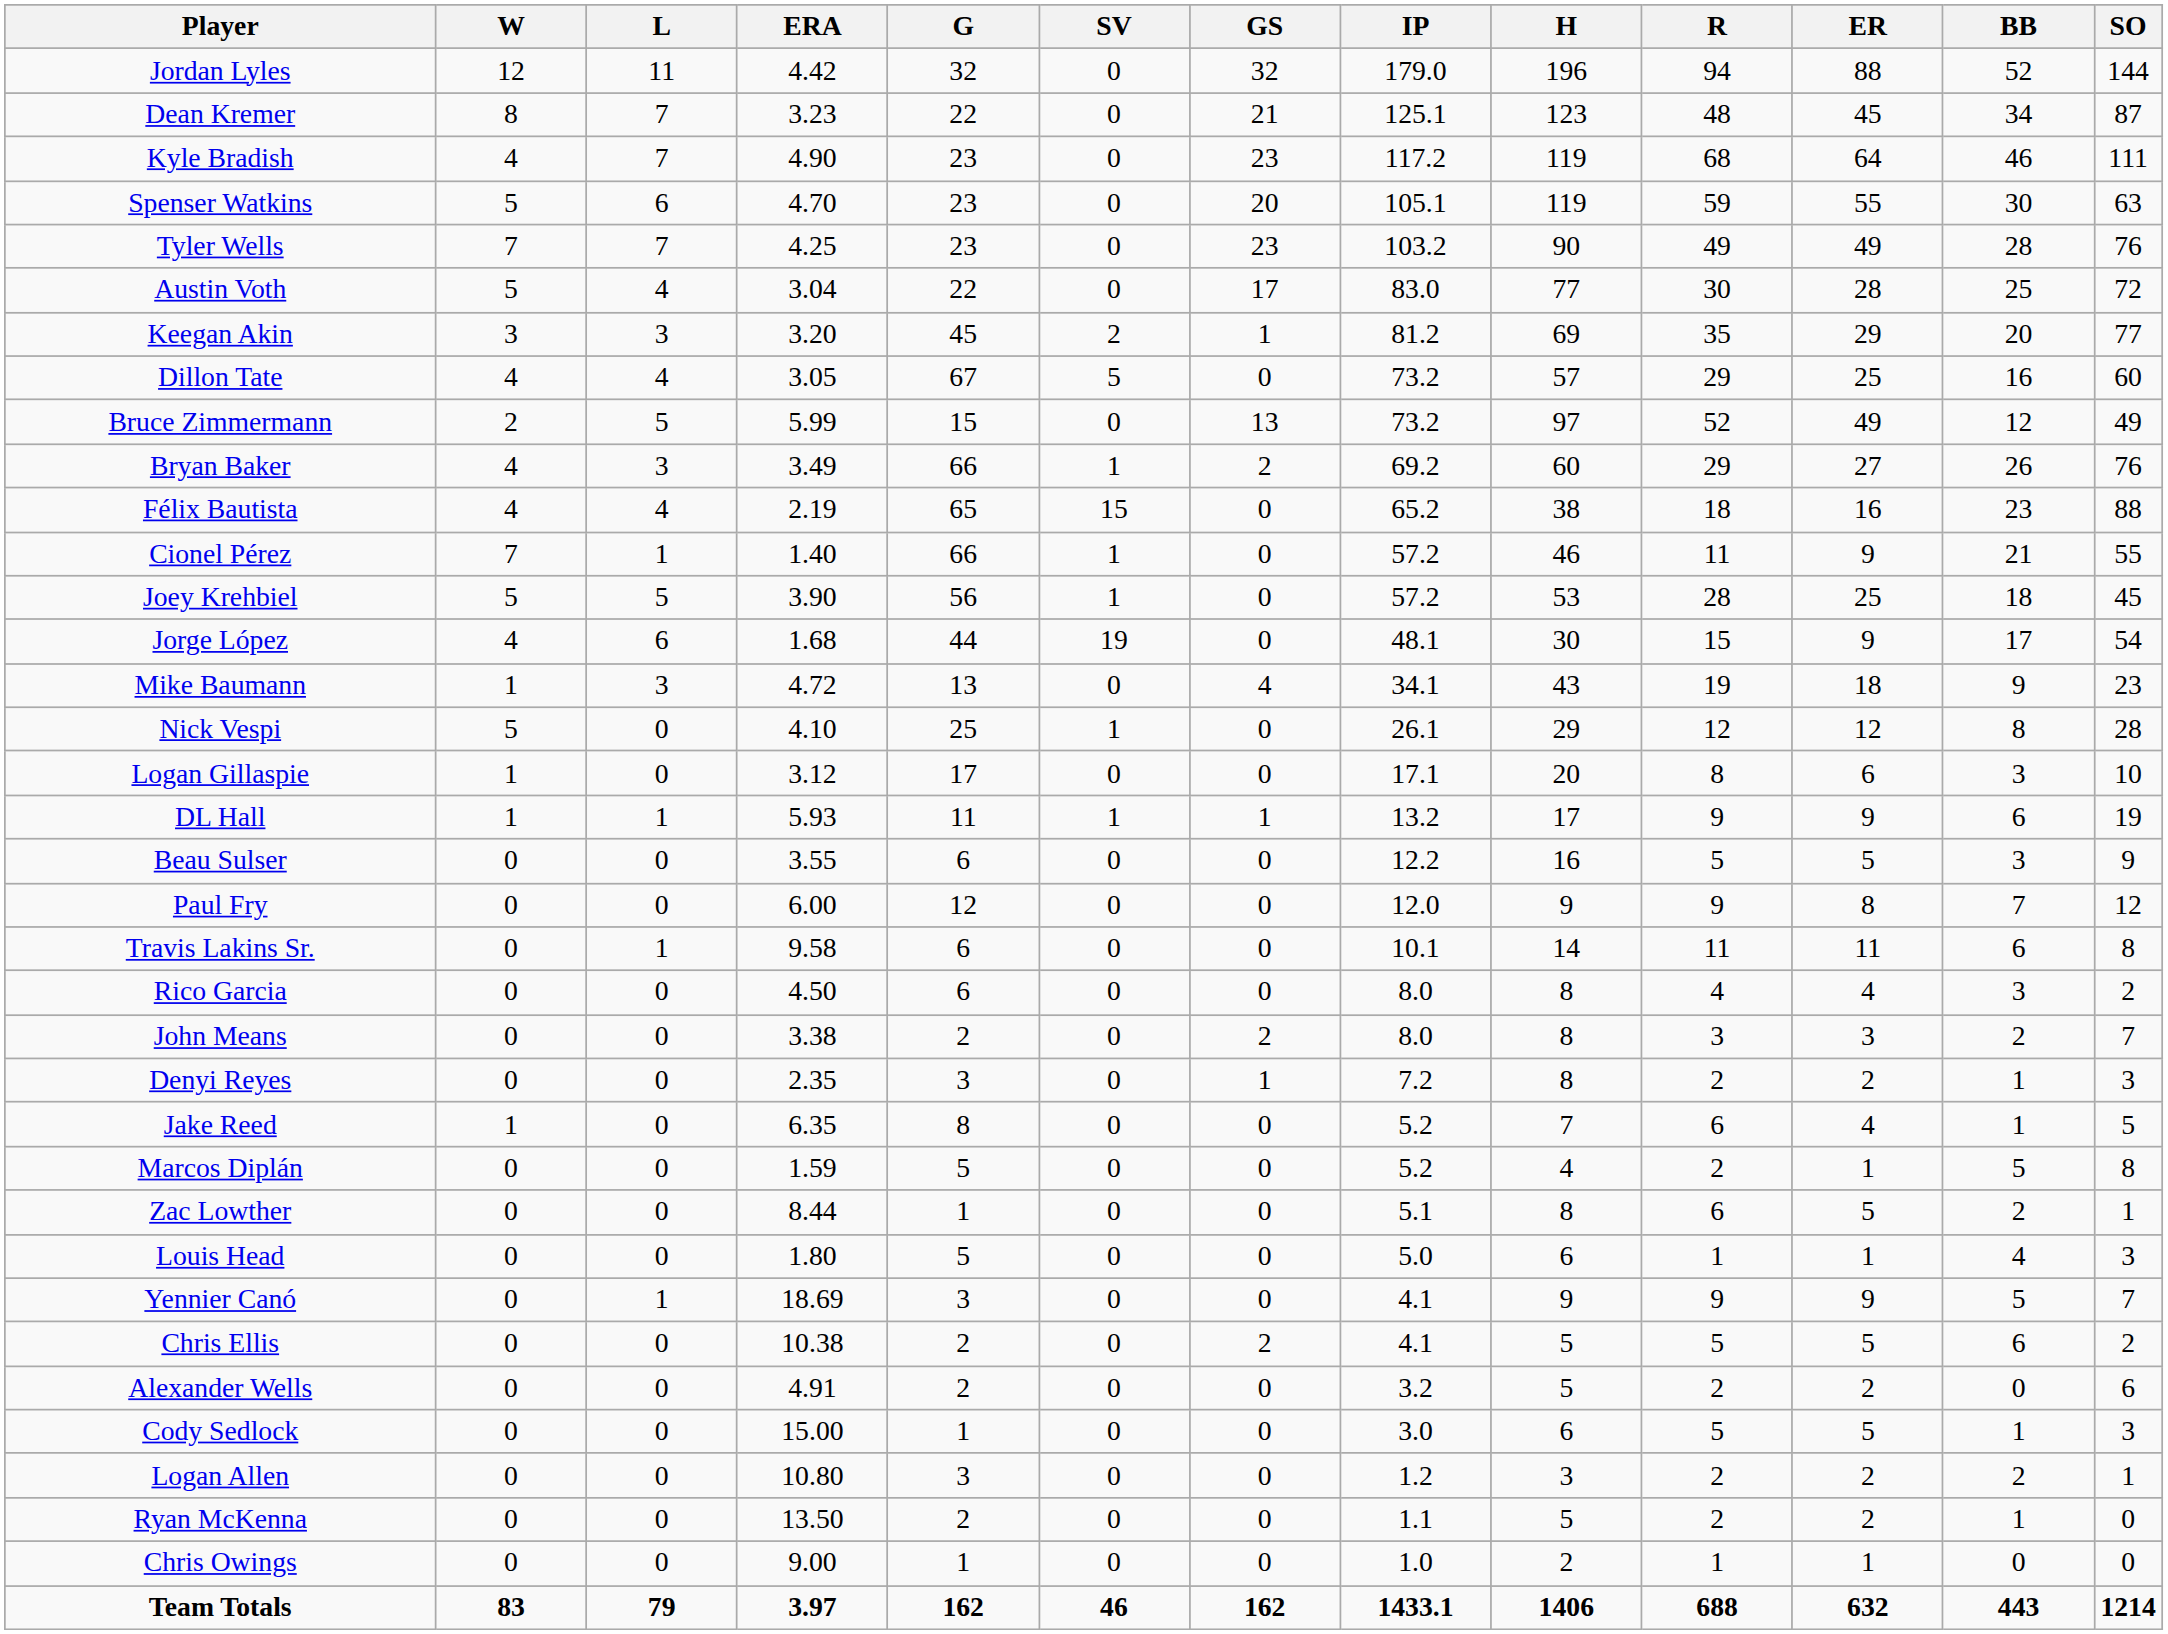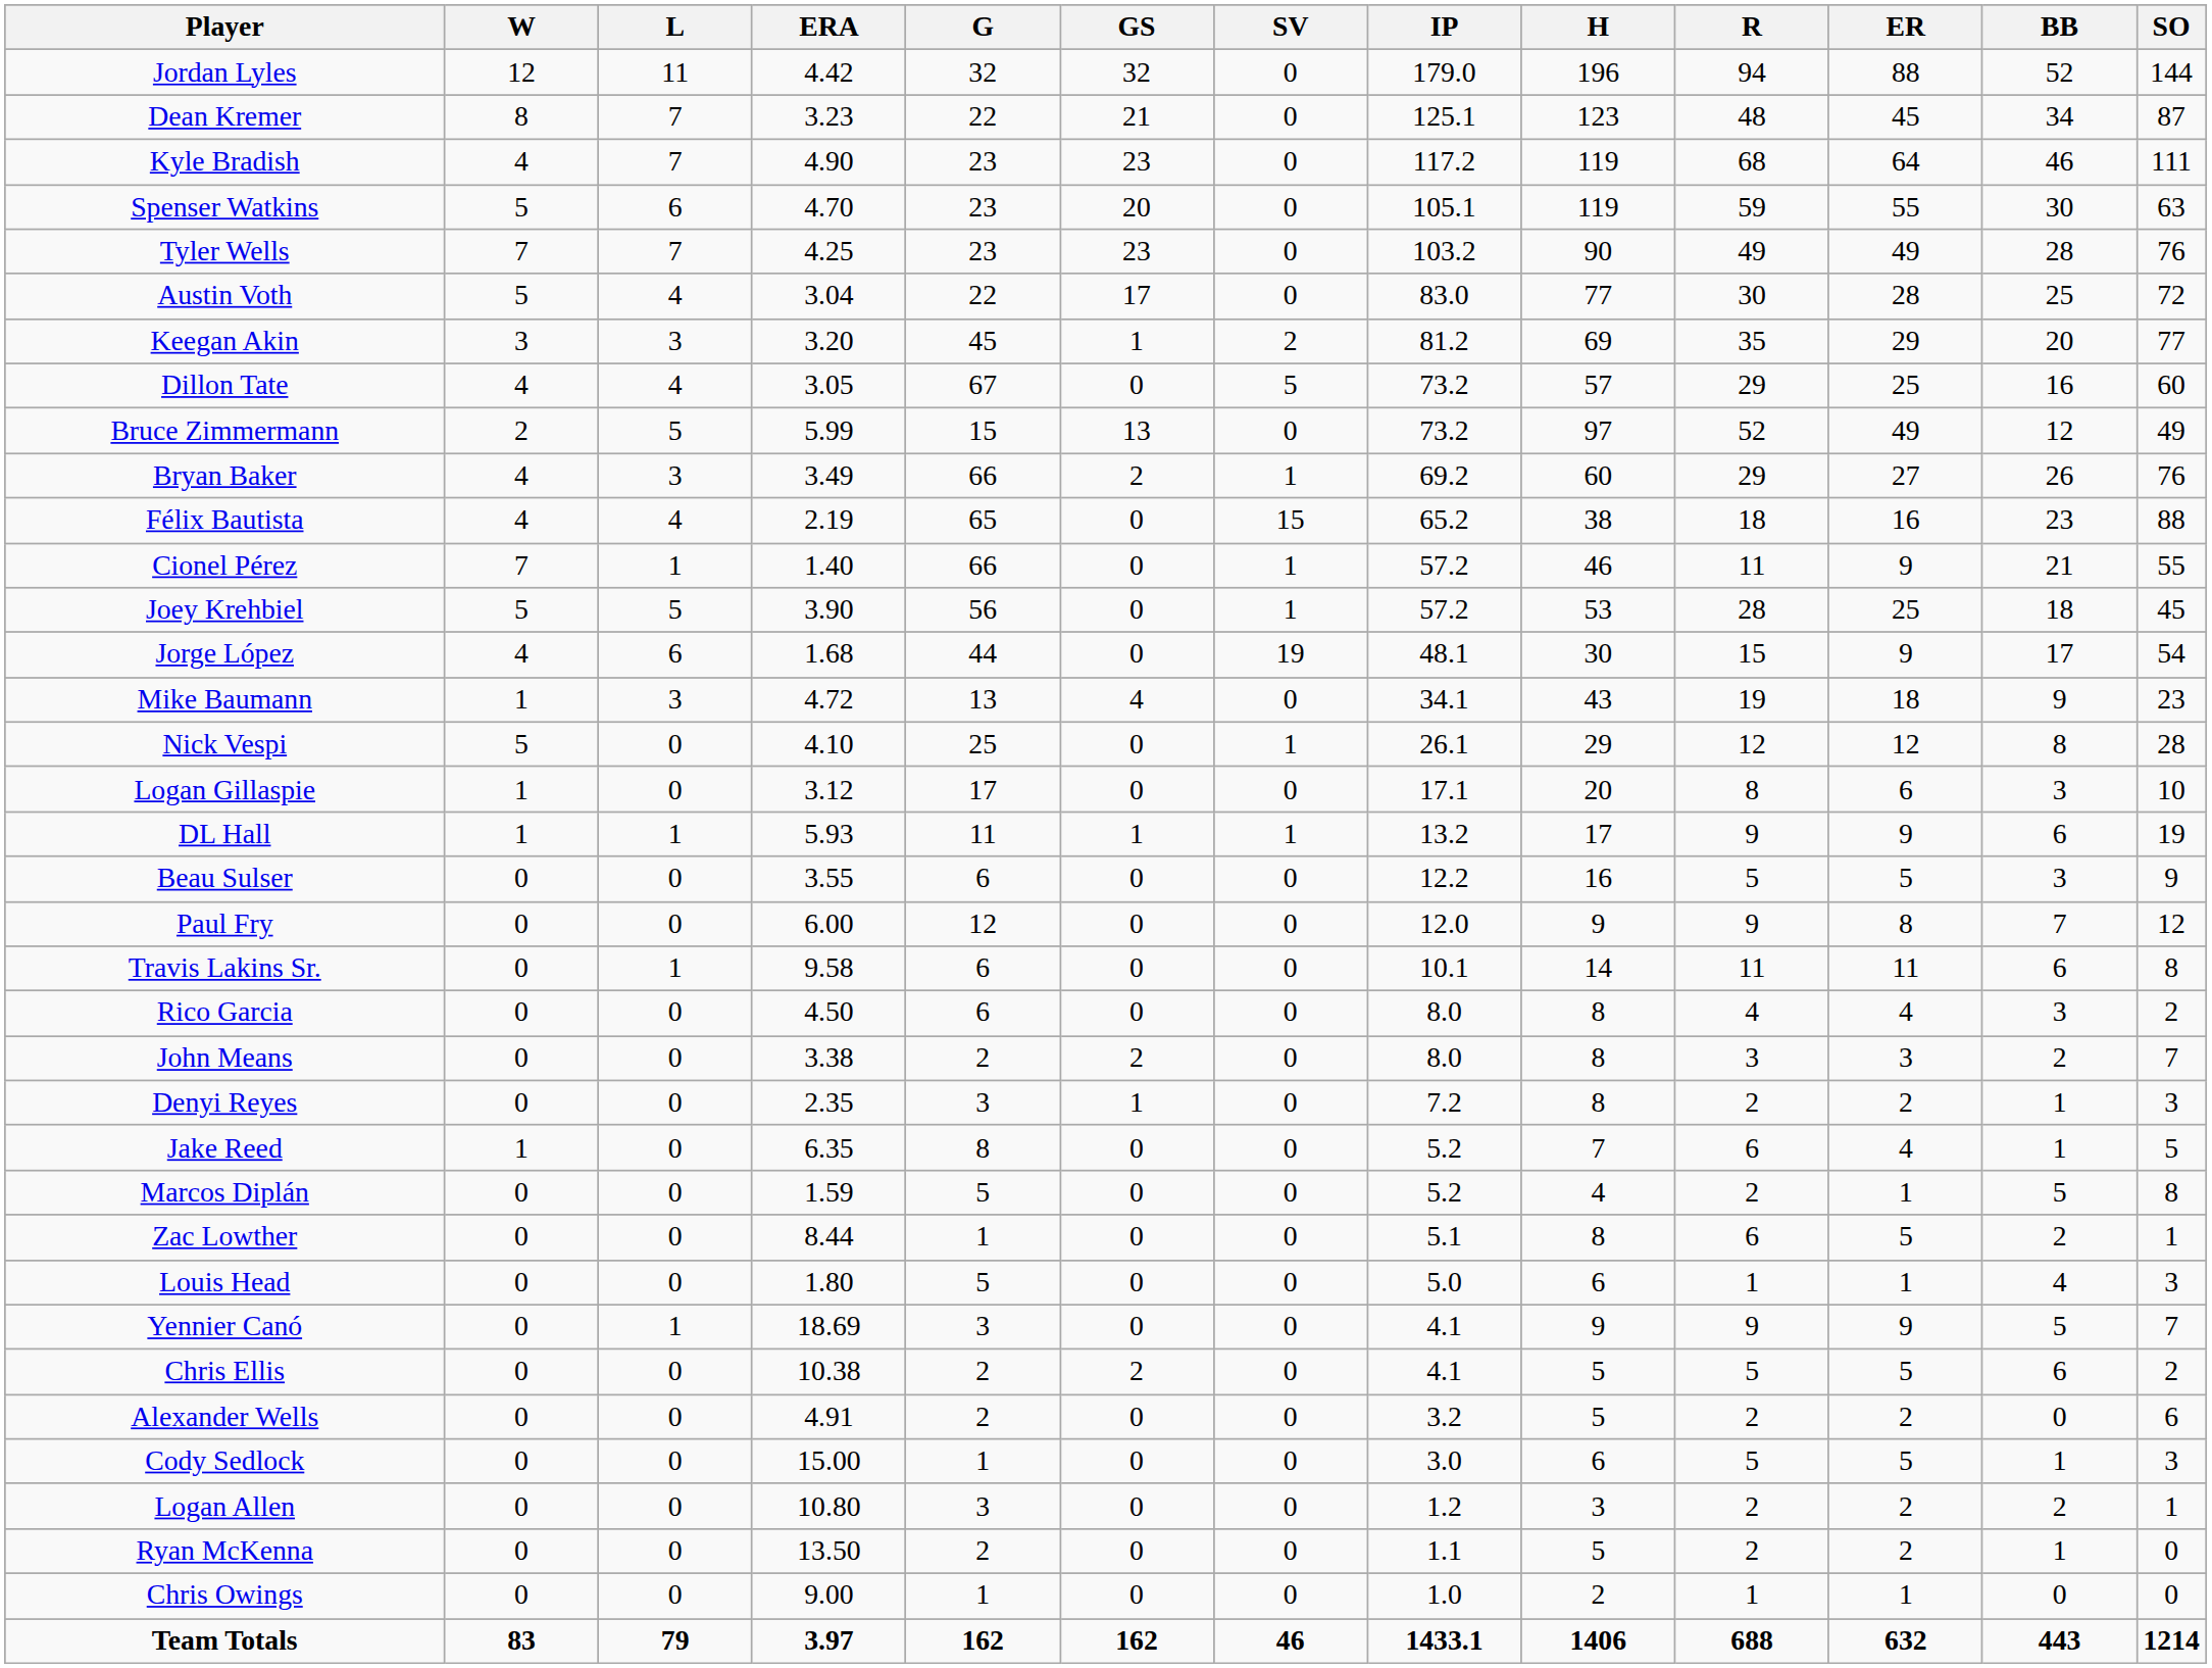 <table class=wikitable style="text-align:center">
 <tr>
 <th bgcolor=#DDDDFF; width="20%">Player</th>
 <th bgcolor=#DDDDFF; width="7%">W</th>
 <th bgcolor=#DDDDFF; width="7%">L</th>
 <th bgcolor=#DDDDFF; width="7%">ERA</th>
 <th bgcolor=#DDDDFF; width="7%">G</th>
+<th bgcolor=#DDDDFF; width="7%">GS</th>
 <th bgcolor=#DDDDFF; width="7%">SV</th>
-<th bgcolor=#DDDDFF; width="7%">GS</th>
 <th bgcolor=#DDDDFF; width="7%">IP</th>
 <th bgcolor=#DDDDFF; width="7%'">H</th>
 <th bgcolor=#DDDDFF; width="7%">R</th>
 <th bgcolor=#DDDDFF; width="7%">ER</th>
 <th bgcolor=#DDDDFF; width="7%">BB</th>
 <th bgcolor=#DDDDFF; width="7%">SO</th>
 </tr>
 <tr>
 <td><a href='#'>Jordan Lyles</a></td>
 <td>12</td>
 <td>11</td>
 <td>4.42</td>
 <td>32</td>
+<td>32</td>
 <td>0</td>
-<td>32</td>
 <td>179.0</td>
 <td>196</td>
 <td>94</td>
 <td>88</td>
 <td>52</td>
 <td>144</td>
 </tr>
 <tr>
 <td><a href='#'>Dean Kremer</a></td>
 <td>8</td>
 <td>7</td>
 <td>3.23</td>
 <td>22</td>
+<td>21</td>
 <td>0</td>
-<td>21</td>
 <td>125.1</td>
 <td>123</td>
 <td>48</td>
 <td>45</td>
 <td>34</td>
 <td>87</td>
 </tr>
 <tr>
 <td><a href='#'>Kyle Bradish</a></td>
 <td>4</td>
 <td>7</td>
 <td>4.90</td>
 <td>23</td>
+<td>23</td>
 <td>0</td>
-<td>23</td>
 <td>117.2</td>
 <td>119</td>
 <td>68</td>
 <td>64</td>
 <td>46</td>
 <td>111</td>
 </tr>
 <tr>
 <td><a href='#'>Spenser Watkins</a></td>
 <td>5</td>
 <td>6</td>
 <td>4.70</td>
 <td>23</td>
+<td>20</td>
 <td>0</td>
-<td>20</td>
 <td>105.1</td>
 <td>119</td>
 <td>59</td>
 <td>55</td>
 <td>30</td>
 <td>63</td>
 </tr>
 <tr>
 <td><a href='#'>Tyler Wells</a></td>
 <td>7</td>
 <td>7</td>
 <td>4.25</td>
 <td>23</td>
+<td>23</td>
 <td>0</td>
-<td>23</td>
 <td>103.2</td>
 <td>90</td>
 <td>49</td>
 <td>49</td>
 <td>28</td>
 <td>76</td>
 </tr>
 <tr>
 <td><a href='#'>Austin Voth</a></td>
 <td>5</td>
 <td>4</td>
 <td>3.04</td>
 <td>22</td>
+<td>17</td>
 <td>0</td>
-<td>17</td>
 <td>83.0</td>
 <td>77</td>
 <td>30</td>
 <td>28</td>
 <td>25</td>
 <td>72</td>
 </tr>
 <tr>
 <td><a href='#'>Keegan Akin</a></td>
 <td>3</td>
 <td>3</td>
 <td>3.20</td>
 <td>45</td>
+<td>1</td>
 <td>2</td>
-<td>1</td>
 <td>81.2</td>
 <td>69</td>
 <td>35</td>
 <td>29</td>
 <td>20</td>
 <td>77</td>
 </tr>
 <tr>
 <td><a href='#'>Dillon Tate</a></td>
 <td>4</td>
 <td>4</td>
 <td>3.05</td>
 <td>67</td>
+<td>0</td>
 <td>5</td>
-<td>0</td>
 <td>73.2</td>
 <td>57</td>
 <td>29</td>
 <td>25</td>
 <td>16</td>
 <td>60</td>
 </tr>
 <tr>
 <td><a href='#'>Bruce Zimmermann</a></td>
 <td>2</td>
 <td>5</td>
 <td>5.99</td>
 <td>15</td>
+<td>13</td>
 <td>0</td>
-<td>13</td>
 <td>73.2</td>
 <td>97</td>
 <td>52</td>
 <td>49</td>
 <td>12</td>
 <td>49</td>
 </tr>
 <tr>
 <td><a href='#'>Bryan Baker</a></td>
 <td>4</td>
 <td>3</td>
 <td>3.49</td>
 <td>66</td>
+<td>2</td>
 <td>1</td>
-<td>2</td>
 <td>69.2</td>
 <td>60</td>
 <td>29</td>
 <td>27</td>
 <td>26</td>
 <td>76</td>
 </tr>
 <tr>
 <td><a href='#'>Félix Bautista</a></td>
 <td>4</td>
 <td>4</td>
 <td>2.19</td>
 <td>65</td>
+<td>0</td>
 <td>15</td>
-<td>0</td>
 <td>65.2</td>
 <td>38</td>
 <td>18</td>
 <td>16</td>
 <td>23</td>
 <td>88</td>
 </tr>
 <tr>
 <td><a href='#'>Cionel Pérez</a></td>
 <td>7</td>
 <td>1</td>
 <td>1.40</td>
 <td>66</td>
+<td>0</td>
 <td>1</td>
-<td>0</td>
 <td>57.2</td>
 <td>46</td>
 <td>11</td>
 <td>9</td>
 <td>21</td>
 <td>55</td>
 </tr>
 <tr>
 <td><a href='#'>Joey Krehbiel</a></td>
 <td>5</td>
 <td>5</td>
 <td>3.90</td>
 <td>56</td>
+<td>0</td>
 <td>1</td>
-<td>0</td>
 <td>57.2</td>
 <td>53</td>
 <td>28</td>
 <td>25</td>
 <td>18</td>
 <td>45</td>
 </tr>
 <tr>
 <td><a href='#'>Jorge López</a></td>
 <td>4</td>
 <td>6</td>
 <td>1.68</td>
 <td>44</td>
+<td>0</td>
 <td>19</td>
-<td>0</td>
 <td>48.1</td>
 <td>30</td>
 <td>15</td>
 <td>9</td>
 <td>17</td>
 <td>54</td>
 </tr>
 <tr>
 <td><a href='#'>Mike Baumann</a></td>
 <td>1</td>
 <td>3</td>
 <td>4.72</td>
 <td>13</td>
+<td>4</td>
 <td>0</td>
-<td>4</td>
 <td>34.1</td>
 <td>43</td>
 <td>19</td>
 <td>18</td>
 <td>9</td>
 <td>23</td>
 </tr>
 <tr>
 <td><a href='#'>Nick Vespi</a></td>
 <td>5</td>
 <td>0</td>
 <td>4.10</td>
 <td>25</td>
+<td>0</td>
 <td>1</td>
-<td>0</td>
 <td>26.1</td>
 <td>29</td>
 <td>12</td>
 <td>12</td>
 <td>8</td>
 <td>28</td>
 </tr>
 <tr>
 <td><a href='#'>Logan Gillaspie</a></td>
 <td>1</td>
 <td>0</td>
 <td>3.12</td>
 <td>17</td>
 <td>0</td>
 <td>0</td>
 <td>17.1</td>
 <td>20</td>
 <td>8</td>
 <td>6</td>
 <td>3</td>
 <td>10</td>
 </tr>
 <tr>
 <td><a href='#'>DL Hall</a></td>
 <td>1</td>
 <td>1</td>
 <td>5.93</td>
 <td>11</td>
 <td>1</td>
 <td>1</td>
 <td>13.2</td>
 <td>17</td>
 <td>9</td>
 <td>9</td>
 <td>6</td>
 <td>19</td>
 </tr>
 <tr>
 <td><a href='#'>Beau Sulser</a></td>
 <td>0</td>
 <td>0</td>
 <td>3.55</td>
 <td>6</td>
 <td>0</td>
 <td>0</td>
 <td>12.2</td>
 <td>16</td>
 <td>5</td>
 <td>5</td>
 <td>3</td>
 <td>9</td>
 </tr>
 <tr>
 <td><a href='#'>Paul Fry</a></td>
 <td>0</td>
 <td>0</td>
 <td>6.00</td>
 <td>12</td>
 <td>0</td>
 <td>0</td>
 <td>12.0</td>
 <td>9</td>
 <td>9</td>
 <td>8</td>
 <td>7</td>
 <td>12</td>
 </tr>
 <tr>
 <td><a href='#'>Travis Lakins Sr.</a></td>
 <td>0</td>
 <td>1</td>
 <td>9.58</td>
 <td>6</td>
 <td>0</td>
 <td>0</td>
 <td>10.1</td>
 <td>14</td>
 <td>11</td>
 <td>11</td>
 <td>6</td>
 <td>8</td>
 </tr>
 <tr>
 <td><a href='#'>Rico Garcia</a></td>
 <td>0</td>
 <td>0</td>
 <td>4.50</td>
 <td>6</td>
 <td>0</td>
 <td>0</td>
 <td>8.0</td>
 <td>8</td>
 <td>4</td>
 <td>4</td>
 <td>3</td>
 <td>2</td>
 </tr>
 <tr>
 <td><a href='#'>John Means</a></td>
 <td>0</td>
 <td>0</td>
 <td>3.38</td>
 <td>2</td>
+<td>2</td>
 <td>0</td>
-<td>2</td>
 <td>8.0</td>
 <td>8</td>
 <td>3</td>
 <td>3</td>
 <td>2</td>
 <td>7</td>
 </tr>
 <tr>
 <td><a href='#'>Denyi Reyes</a></td>
 <td>0</td>
 <td>0</td>
 <td>2.35</td>
 <td>3</td>
+<td>1</td>
 <td>0</td>
-<td>1</td>
 <td>7.2</td>
 <td>8</td>
 <td>2</td>
 <td>2</td>
 <td>1</td>
 <td>3</td>
 </tr>
 <tr>
 <td><a href='#'>Jake Reed</a></td>
 <td>1</td>
 <td>0</td>
 <td>6.35</td>
 <td>8</td>
 <td>0</td>
 <td>0</td>
 <td>5.2</td>
 <td>7</td>
 <td>6</td>
 <td>4</td>
 <td>1</td>
 <td>5</td>
 </tr>
 <tr>
 <td><a href='#'>Marcos Diplán</a></td>
 <td>0</td>
 <td>0</td>
 <td>1.59</td>
 <td>5</td>
 <td>0</td>
 <td>0</td>
 <td>5.2</td>
 <td>4</td>
 <td>2</td>
 <td>1</td>
 <td>5</td>
 <td>8</td>
 </tr>
 <tr>
 <td><a href='#'>Zac Lowther</a></td>
 <td>0</td>
 <td>0</td>
 <td>8.44</td>
 <td>1</td>
 <td>0</td>
 <td>0</td>
 <td>5.1</td>
 <td>8</td>
 <td>6</td>
 <td>5</td>
 <td>2</td>
 <td>1</td>
 </tr>
 <tr>
 <td><a href='#'>Louis Head</a></td>
 <td>0</td>
 <td>0</td>
 <td>1.80</td>
 <td>5</td>
 <td>0</td>
 <td>0</td>
 <td>5.0</td>
 <td>6</td>
 <td>1</td>
 <td>1</td>
 <td>4</td>
 <td>3</td>
 </tr>
 <tr>
 <td><a href='#'>Yennier Canó</a></td>
 <td>0</td>
 <td>1</td>
 <td>18.69</td>
 <td>3</td>
 <td>0</td>
 <td>0</td>
 <td>4.1</td>
 <td>9</td>
 <td>9</td>
 <td>9</td>
 <td>5</td>
 <td>7</td>
 </tr>
 <tr>
 <td><a href='#'>Chris Ellis</a></td>
 <td>0</td>
 <td>0</td>
 <td>10.38</td>
 <td>2</td>
+<td>2</td>
 <td>0</td>
-<td>2</td>
 <td>4.1</td>
 <td>5</td>
 <td>5</td>
 <td>5</td>
 <td>6</td>
 <td>2</td>
 </tr>
 <tr>
 <td><a href='#'>Alexander Wells</a></td>
 <td>0</td>
 <td>0</td>
 <td>4.91</td>
 <td>2</td>
 <td>0</td>
 <td>0</td>
 <td>3.2</td>
 <td>5</td>
 <td>2</td>
 <td>2</td>
 <td>0</td>
 <td>6</td>
 </tr>
 <tr>
 <td><a href='#'>Cody Sedlock</a></td>
 <td>0</td>
 <td>0</td>
 <td>15.00</td>
 <td>1</td>
 <td>0</td>
 <td>0</td>
 <td>3.0</td>
 <td>6</td>
 <td>5</td>
 <td>5</td>
 <td>1</td>
 <td>3</td>
 </tr>
 <tr>
 <td><a href='#'>Logan Allen</a></td>
 <td>0</td>
 <td>0</td>
 <td>10.80</td>
 <td>3</td>
 <td>0</td>
 <td>0</td>
 <td>1.2</td>
 <td>3</td>
 <td>2</td>
 <td>2</td>
 <td>2</td>
 <td>1</td>
 </tr>
 <tr>
 <td><a href='#'>Ryan McKenna</a></td>
 <td>0</td>
 <td>0</td>
 <td>13.50</td>
 <td>2</td>
 <td>0</td>
 <td>0</td>
 <td>1.1</td>
 <td>5</td>
 <td>2</td>
 <td>2</td>
 <td>1</td>
 <td>0</td>
 </tr>
 <tr>
 <td><a href='#'>Chris Owings</a></td>
 <td>0</td>
 <td>0</td>
 <td>9.00</td>
 <td>1</td>
 <td>0</td>
 <td>0</td>
 <td>1.0</td>
 <td>2</td>
 <td>1</td>
 <td>1</td>
 <td>0</td>
 <td>0</td>
 </tr>
 <tr>
 <td><strong>Team Totals</strong></td>
 <td><strong>83</strong></td>
 <td><strong>79</strong></td>
 <td><strong>3.97</strong></td>
 <td><strong>162</strong></td>
+<td><strong>162</strong></td>
 <td><strong>46</strong></td>
-<td><strong>162</strong></td>
 <td><strong>1433.1</strong></td>
 <td><strong>1406</strong></td>
 <td><strong>688</strong></td>
 <td><strong>632</strong></td>
 <td><strong>443</strong></td>
 <td><strong>1214</strong></td>
 </tr>
 </table>
